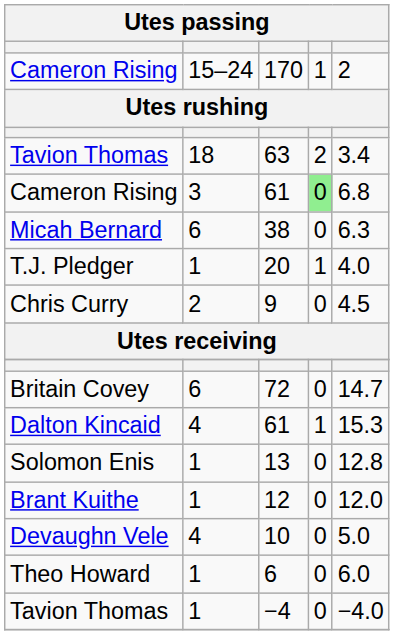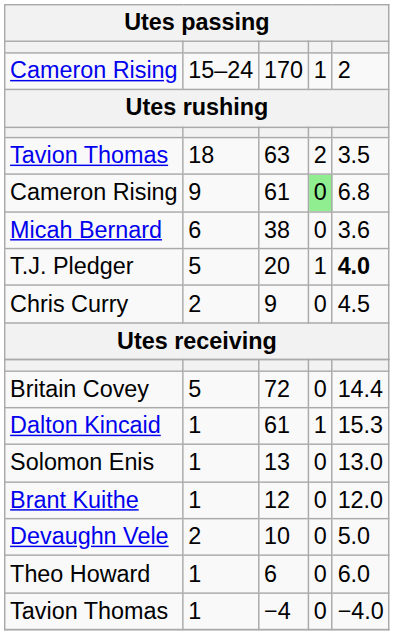 <table class="wikitable plainrowheaders">
 <tr>
 <th colspan="6">Utes passing</th>
 </tr>
 <tr>
 <th scope="col"></th>
 <th scope="col"></th>
 <th scope="col"></th>
 <th scope="col"></th>
 <th scope="col"></th>
 </tr>
 <tr>
 <td><a href='#'>Cameron Rising</a></td>
 <td>15–24</td>
 <td>170</td>
 <td>1</td>
 <td>2</td>
 </tr>
 <tr>
 <th colspan="6">Utes rushing</th>
 </tr>
 <tr>
 <th scope="col"></th>
 <th scope="col"></th>
 <th scope="col"></th>
 <th scope="col"></th>
 <th scope="col"></th>
 </tr>
 <tr>
 <td><a href='#'>Tavion Thomas</a></td>
 <td>18</td>
 <td>63</td>
 <td>2</td>
-<td>3.4</td>
+<td>3.5</td>
 </tr>
 <tr>
 <td>Cameron Rising</td>
-<td>3</td>
+<td>9</td>
 <td>61</td>
 <td style="background: lightgreen;">0</td>
 <td>6.8</td>
 </tr>
 <tr>
 <td><a href='#'>Micah Bernard</a></td>
 <td>6</td>
 <td>38</td>
 <td>0</td>
-<td>6.3</td>
+<td>3.6</td>
 </tr>
 <tr>
 <td>T.J. Pledger</td>
-<td>1</td>
+<td>5</td>
 <td>20</td>
 <td>1</td>
-<td>4.0</td>
+<td><strong>4.0</strong></td>
 </tr>
 <tr>
 <td>Chris Curry</td>
 <td>2</td>
 <td>9</td>
 <td>0</td>
 <td>4.5</td>
 </tr>
 <tr>
 <th colspan="6">Utes receiving</th>
 </tr>
 <tr>
 </tr>
 <tr>
 <th scope="col"></th>
 <th scope="col"></th>
 <th scope="col"></th>
 <th scope="col"></th>
 <th scope="col"></th>
 </tr>
 <tr>
 <td>Britain Covey</td>
-<td>6</td>
+<td>5</td>
 <td>72</td>
 <td>0</td>
-<td>14.7</td>
+<td>14.4</td>
 </tr>
 <tr>
 <td><a href='#'>Dalton Kincaid</a></td>
-<td>4</td>
+<td>1</td>
 <td>61</td>
 <td>1</td>
 <td>15.3</td>
 </tr>
 <tr>
 <td>Solomon Enis</td>
 <td>1</td>
 <td>13</td>
 <td>0</td>
-<td>12.8</td>
+<td>13.0</td>
 </tr>
 <tr>
 <td><a href='#'>Brant Kuithe</a></td>
 <td>1</td>
 <td>12</td>
 <td>0</td>
 <td>12.0</td>
 </tr>
 <tr>
 <td><a href='#'>Devaughn Vele</a></td>
-<td>4</td>
+<td>2</td>
 <td>10</td>
 <td>0</td>
 <td>5.0</td>
 </tr>
 <tr>
 <td>Theo Howard</td>
 <td>1</td>
 <td>6</td>
 <td>0</td>
 <td>6.0</td>
 </tr>
 <tr>
 <td>Tavion Thomas</td>
 <td>1</td>
 <td>−4</td>
 <td>0</td>
 <td>−4.0</td>
 </tr>
 <tr>
 </tr>
 </table>
